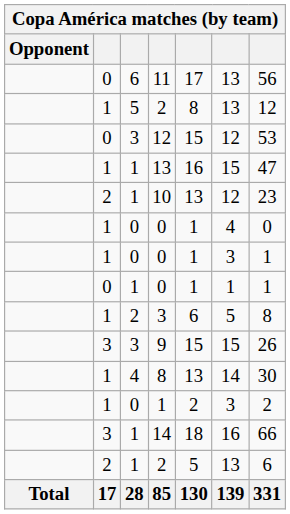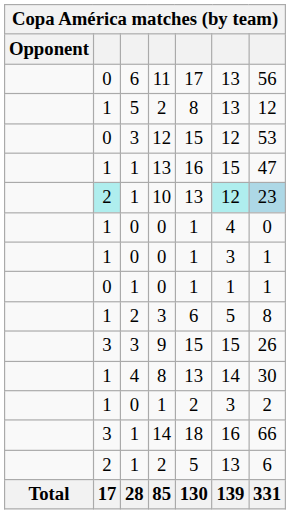 <table class="wikitable sortable" style="text-align: center;">
 <tr>
 <th colspan=7>Copa América matches (by team)</th>
 </tr>
 <tr>
 <th>Opponent</th>
 <th></th>
 <th></th>
 <th></th>
 <th></th>
 <th></th>
 <th></th>
 </tr>
 <tr>
 <td align="left"></td>
 <td>0</td>
 <td>6</td>
 <td>11</td>
 <td>17</td>
 <td>13</td>
 <td>56</td>
 </tr>
 <tr>
 <td align="left"></td>
 <td>1</td>
 <td>5</td>
 <td>2</td>
 <td>8</td>
 <td>13</td>
 <td>12</td>
 </tr>
 <tr>
 <td align="left"></td>
 <td>0</td>
 <td>3</td>
 <td>12</td>
 <td>15</td>
 <td>12</td>
 <td>53</td>
 </tr>
 <tr>
 <td align="left"></td>
 <td>1</td>
 <td>1</td>
 <td>13</td>
 <td>16</td>
 <td>15</td>
 <td>47</td>
 </tr>
 <tr>
 <td align="left"></td>
-<td>2</td>
+<td style="background: paleturquoise;">2</td>
 <td>1</td>
 <td>10</td>
 <td>13</td>
-<td>12</td>
-<td>23</td>
+<td style="background: paleturquoise;">12</td>
+<td style="background: lightblue;">23</td>
 </tr>
 <tr>
 <td align="left"></td>
 <td>1</td>
 <td>0</td>
 <td>0</td>
 <td>1</td>
 <td>4</td>
 <td>0</td>
 </tr>
 <tr>
 <td align="left"></td>
 <td>1</td>
 <td>0</td>
 <td>0</td>
 <td>1</td>
 <td>3</td>
 <td>1</td>
 </tr>
 <tr>
 <td align="left"></td>
 <td>0</td>
 <td>1</td>
 <td>0</td>
 <td>1</td>
 <td>1</td>
 <td>1</td>
 </tr>
 <tr>
 <td align="left"></td>
 <td>1</td>
 <td>2</td>
 <td>3</td>
 <td>6</td>
 <td>5</td>
 <td>8</td>
 </tr>
 <tr>
 <td align="left"></td>
 <td>3</td>
 <td>3</td>
 <td>9</td>
 <td>15</td>
 <td>15</td>
 <td>26</td>
 </tr>
 <tr>
 <td align="left"></td>
 <td>1</td>
 <td>4</td>
 <td>8</td>
 <td>13</td>
 <td>14</td>
 <td>30</td>
 </tr>
 <tr>
 <td align="left"></td>
 <td>1</td>
 <td>0</td>
 <td>1</td>
 <td>2</td>
 <td>3</td>
 <td>2</td>
 </tr>
 <tr>
 <td align="left"></td>
 <td>3</td>
 <td>1</td>
 <td>14</td>
 <td>18</td>
 <td>16</td>
 <td>66</td>
 </tr>
 <tr>
 <td align="left"></td>
 <td>2</td>
 <td>1</td>
 <td>2</td>
 <td>5</td>
 <td>13</td>
 <td>6</td>
 </tr>
 <tr>
 <th align="left">Total</th>
 <th>17</th>
 <th>28</th>
 <th>85</th>
 <th>130</th>
 <th>139</th>
 <th>331</th>
 </tr>
 </table>
